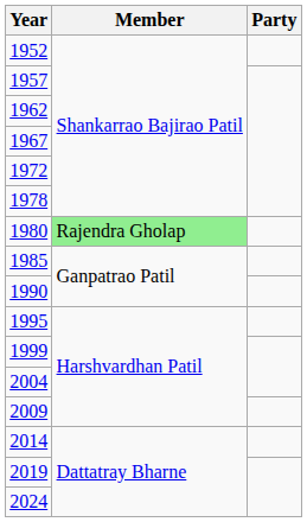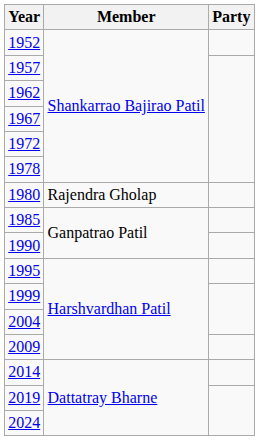 <table class="wikitable">
 <tr>
 <th>Year</th>
 <th>Member</th>
 <th colspan="2">Party</th>
 </tr>
 <tr>
 <td><a href='#'>1952</a></td>
 <td rowspan="6"><a href='#'>Shankarrao Bajirao Patil</a></td>
 <td></td>
 </tr>
 <tr>
 <td><a href='#'>1957</a></td>
 </tr>
 <tr>
 <td><a href='#'>1962</a></td>
 </tr>
 <tr>
 <td><a href='#'>1967</a></td>
 </tr>
 <tr>
 <td><a href='#'>1972</a></td>
 </tr>
 <tr>
 <td><a href='#'>1978</a></td>
 </tr>
 <tr>
 <td><a href='#'>1980</a></td>
-<td style="background: lightgreen;">Rajendra Gholap</td>
+<td>Rajendra Gholap</td>
 <td></td>
 </tr>
 <tr>
 <td><a href='#'>1985</a></td>
 <td rowspan="2">Ganpatrao Patil</td>
 <td></td>
 </tr>
 <tr>
 <td><a href='#'>1990</a></td>
 </tr>
 <tr>
 <td><a href='#'>1995</a></td>
 <td rowspan="4"><a href='#'>Harshvardhan Patil</a></td>
 <td></td>
 </tr>
 <tr>
 <td><a href='#'>1999</a></td>
 </tr>
 <tr>
 <td><a href='#'>2004</a></td>
 </tr>
 <tr>
 <td><a href='#'>2009</a></td>
 <td></td>
 </tr>
 <tr>
 <td><a href='#'>2014</a></td>
 <td rowspan="3"><a href='#'>Dattatray Bharne</a></td>
 <td></td>
 </tr>
 <tr>
 <td><a href='#'>2019</a></td>
 </tr>
 <tr>
 <td><a href='#'>2024</a></td>
 </tr>
 </table>
